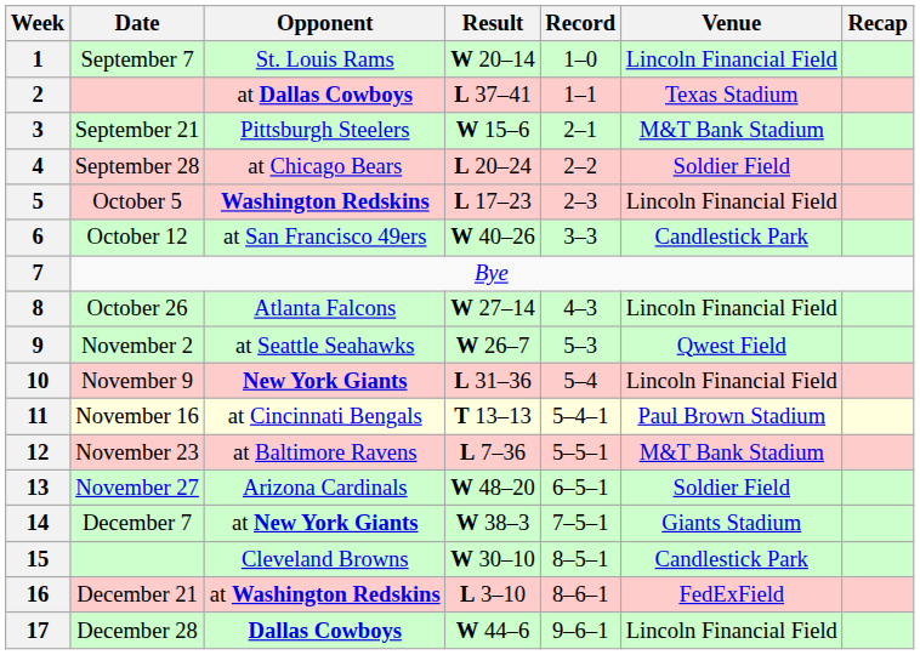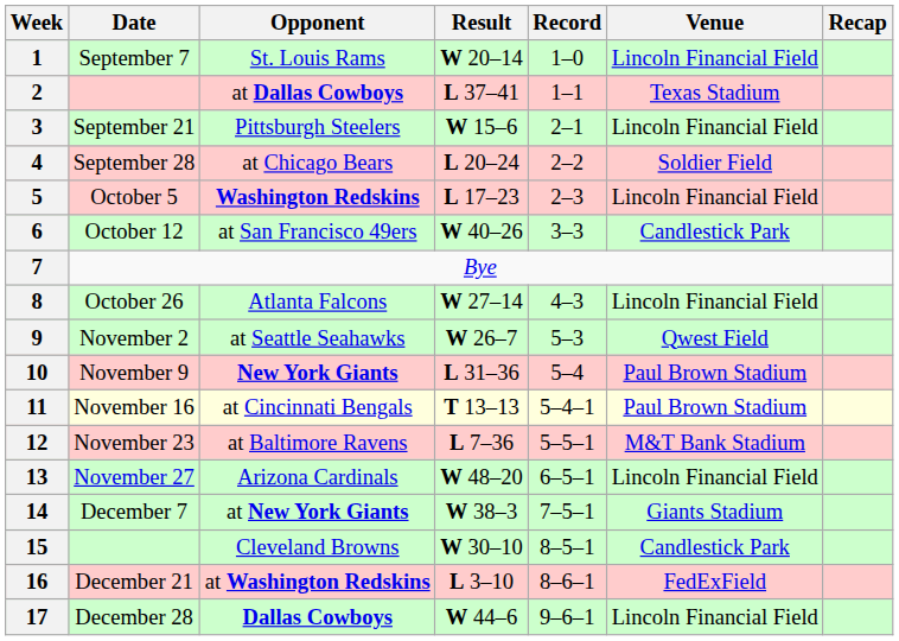 <table class="wikitable" style="text-align:center">
 <tr>
 <th>Week</th>
 <th>Date</th>
 <th>Opponent</th>
 <th>Result</th>
 <th>Record</th>
 <th>Venue</th>
 <th>Recap</th>
 </tr>
 <tr style="background:#cfc">
 <th>1</th>
 <td>September 7</td>
 <td><a href='#'>St. Louis Rams</a></td>
 <td><strong>W</strong> 20–14</td>
 <td>1–0</td>
 <td><a href='#'>Lincoln Financial Field</a></td>
 <td></td>
 </tr>
 <tr style="background:#fcc">
 <th>2</th>
 <td></td>
 <td>at <strong><a href='#'>Dallas Cowboys</a></strong></td>
 <td><strong>L</strong> 37–41</td>
 <td>1–1</td>
 <td><a href='#'>Texas Stadium</a></td>
 <td></td>
 </tr>
 <tr style="background:#cfc">
 <th>3</th>
 <td>September 21</td>
 <td><a href='#'>Pittsburgh Steelers</a></td>
 <td><strong>W</strong> 15–6</td>
 <td>2–1</td>
-<td><a href='#'>M&T Bank Stadium</a></td>
+<td>Lincoln Financial Field</td>
 <td></td>
 </tr>
 <tr style="background:#fcc">
 <th>4</th>
 <td>September 28</td>
 <td>at <a href='#'>Chicago Bears</a></td>
 <td><strong>L</strong> 20–24</td>
 <td>2–2</td>
 <td><a href='#'>Soldier Field</a></td>
 <td></td>
 </tr>
 <tr style="background:#fcc">
 <th>5</th>
 <td>October 5</td>
 <td><strong><a href='#'>Washington Redskins</a></strong></td>
 <td><strong>L</strong> 17–23</td>
 <td>2–3</td>
 <td>Lincoln Financial Field</td>
 <td></td>
 </tr>
 <tr style="background:#cfc">
 <th>6</th>
 <td>October 12</td>
 <td>at <a href='#'>San Francisco 49ers</a></td>
 <td><strong>W</strong> 40–26</td>
 <td>3–3</td>
 <td><a href='#'>Candlestick Park</a></td>
 <td></td>
 </tr>
 <tr>
 <th>7</th>
 <td colspan="6"><em><a href='#'>Bye</a></em></td>
 </tr>
 <tr style="background:#cfc">
 <th>8</th>
 <td>October 26</td>
 <td><a href='#'>Atlanta Falcons</a></td>
 <td><strong>W</strong> 27–14</td>
 <td>4–3</td>
 <td>Lincoln Financial Field</td>
 <td></td>
 </tr>
 <tr style="background:#cfc">
 <th>9</th>
 <td>November 2</td>
 <td>at <a href='#'>Seattle Seahawks</a></td>
 <td><strong>W</strong> 26–7</td>
 <td>5–3</td>
 <td><a href='#'>Qwest Field</a></td>
 <td></td>
 </tr>
 <tr style="background:#fcc">
 <th>10</th>
 <td>November 9</td>
 <td><strong><a href='#'>New York Giants</a></strong></td>
 <td><strong>L</strong> 31–36</td>
 <td>5–4</td>
-<td>Lincoln Financial Field</td>
+<td><a href='#'>Paul Brown Stadium</a></td>
 <td></td>
 </tr>
 <tr style="background:#ffd">
 <th>11</th>
 <td>November 16</td>
 <td>at <a href='#'>Cincinnati Bengals</a></td>
 <td><strong>T</strong> 13–13</td>
 <td>5–4–1</td>
 <td><a href='#'>Paul Brown Stadium</a></td>
 <td></td>
 </tr>
 <tr style="background:#fcc">
 <th>12</th>
 <td>November 23</td>
 <td>at <a href='#'>Baltimore Ravens</a></td>
 <td><strong>L</strong> 7–36</td>
 <td>5–5–1</td>
 <td><a href='#'>M&T Bank Stadium</a></td>
 <td></td>
 </tr>
 <tr style="background:#cfc">
 <th>13</th>
 <td><a href='#'>November 27</a></td>
 <td><a href='#'>Arizona Cardinals</a></td>
 <td><strong>W</strong> 48–20</td>
 <td>6–5–1</td>
-<td><a href='#'>Soldier Field</a></td>
+<td>Lincoln Financial Field</td>
 <td></td>
 </tr>
 <tr style="background:#cfc">
 <th>14</th>
 <td>December 7</td>
 <td>at <strong><a href='#'>New York Giants</a></strong></td>
 <td><strong>W</strong> 38–3</td>
 <td>7–5–1</td>
 <td><a href='#'>Giants Stadium</a></td>
 <td></td>
 </tr>
 <tr style="background:#cfc">
 <th>15</th>
 <td></td>
 <td><a href='#'>Cleveland Browns</a></td>
 <td><strong>W</strong> 30–10</td>
 <td>8–5–1</td>
 <td><a href='#'>Candlestick Park</a></td>
 <td></td>
 </tr>
 <tr style="background:#fcc">
 <th>16</th>
 <td>December 21</td>
 <td>at <strong><a href='#'>Washington Redskins</a></strong></td>
 <td><strong>L</strong> 3–10</td>
 <td>8–6–1</td>
 <td><a href='#'>FedExField</a></td>
 <td></td>
 </tr>
 <tr style="background:#cfc">
 <th>17</th>
 <td>December 28</td>
 <td><strong><a href='#'>Dallas Cowboys</a></strong></td>
 <td><strong>W</strong> 44–6</td>
 <td>9–6–1</td>
 <td>Lincoln Financial Field</td>
 <td></td>
 </tr>
 </table>
